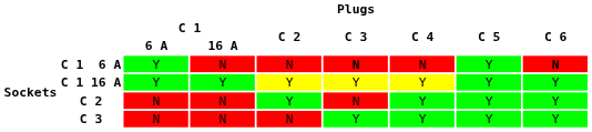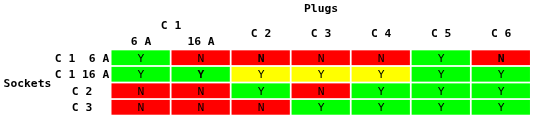 <table style="text-align:center">
 <tr>
 <th colspan="2" rowspan="3"></th>
 <th colspan="7">Plugs</th>
 </tr>
 <tr>
 <th colspan="2">C 1</th>
 <th rowspan="2">C 2</th>
 <th rowspan="2">C 3</th>
 <th rowspan="2">C 4</th>
 <th rowspan="2">C 5</th>
 <th rowspan="2">C 6</th>
 </tr>
 <tr>
 <th>6 A</th>
 <th>16 A</th>
 </tr>
 <tr>
 <th rowspan="4">Sockets</th>
 <th>C 1  6 A</th>
 <td style="width:5em;background-color:lime">Y</td>
 <td style="width:5em;background-color:red">N</td>
+<td style="width:5em;background-color:red"><strong>N</strong></td>
 <td style="width:5em;background-color:red">N</td>
-<td style="width:5em;background-color:red"><strong>N</strong></td>
 <td style="width:5em;background-color:red">N</td>
 <td style="width:5em;background-color:lime">Y</td>
 <td style="width:5em;background-color:red"><strong>N</strong></td>
 </tr>
 <tr>
 <th>C 1 16 A</th>
 <td style="background-color:lime">Y</td>
-<td style="background-color:lime">Y</td>
+<td style="background-color:lime"><strong>Y</strong></td>
 <td style="background-color:yellow">Y</td>
 <td style="background-color:yellow">Y</td>
 <td style="background-color:yellow">Y</td>
 <td style="background-color:lime">Y</td>
 <td style="background-color:lime">Y</td>
 </tr>
 <tr>
 <th>C 2</th>
 <td style="background-color:red">N</td>
 <td style="background-color:red">N</td>
 <td style="background-color:lime">Y</td>
 <td style="background-color:red">N</td>
 <td style="background-color:lime">Y</td>
 <td style="background-color:lime">Y</td>
 <td style="background-color:lime">Y</td>
 </tr>
 <tr>
 <th>C 3</th>
 <td style="background-color:red">N</td>
 <td style="background-color:red">N</td>
 <td style="background-color:red">N</td>
 <td style="background-color:lime">Y</td>
 <td style="background-color:lime">Y</td>
 <td style="background-color:lime">Y</td>
 <td style="background-color:lime">Y</td>
 </tr>
 </table>
